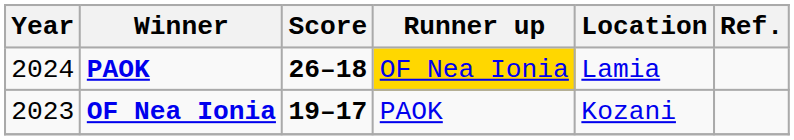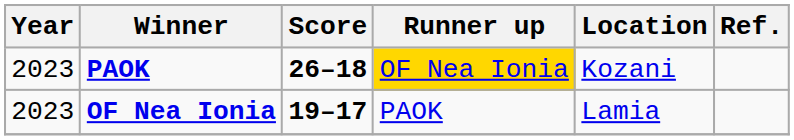 <table class=wikitable>
 <tr>
 <th>Year</th>
 <th>Winner</th>
 <th>Score</th>
 <th>Runner up</th>
 <th>Location</th>
 <th>Ref.</th>
 </tr>
 <tr>
-<td>2024</td>
+<td>2023</td>
 <td><strong><a href='#'>PAOK</a></strong></td>
 <td style="text-align:center"><strong>26–18</strong></td>
 <td style="background: gold;"><a href='#'>OF Nea Ionia</a></td>
-<td><a href='#'>Lamia</a></td>
+<td><a href='#'>Kozani</a></td>
 <td></td>
 </tr>
 <tr>
 <td>2023</td>
 <td><strong><a href='#'>OF Nea Ionia</a></strong></td>
 <td style="text-align:center"><strong>19–17</strong></td>
 <td><a href='#'>PAOK</a></td>
-<td><a href='#'>Kozani</a></td>
+<td><a href='#'>Lamia</a></td>
 <td></td>
 </tr>
 <tr>
 </tr>
 </table>
